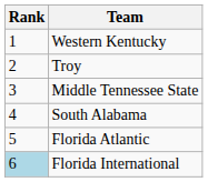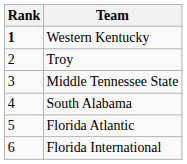 <table class=wikitable>
 <tr>
 <th>Rank</th>
 <th>Team</th>
 </tr>
 <tr>
-<td>1</td>
+<td><strong>1</strong></td>
 <td>Western Kentucky</td>
 </tr>
 <tr>
 <td>2</td>
 <td>Troy</td>
 </tr>
 <tr>
 <td>3</td>
 <td>Middle Tennessee State</td>
 </tr>
 <tr>
 <td>4</td>
 <td>South Alabama</td>
 </tr>
 <tr>
 <td>5</td>
 <td>Florida Atlantic</td>
 </tr>
 <tr>
-<td style="background: lightblue;">6</td>
+<td>6</td>
 <td>Florida International</td>
 </tr>
 </table>
